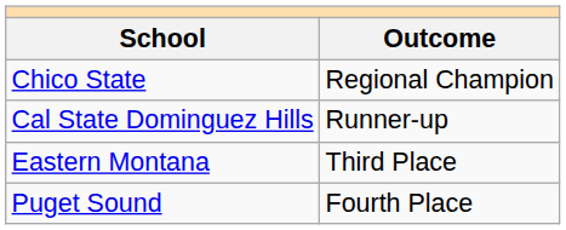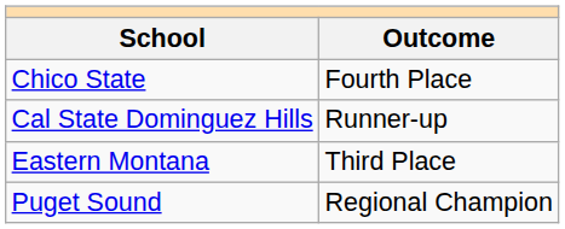 <table class="wikitable" style="float:left; margin-right:1em;">
 <tr>
 <th colspan="3" style="background:#ffdead;"></th>
 </tr>
 <tr>
 <th>School</th>
 <th>Outcome</th>
 </tr>
 <tr>
 <td><a href='#'>Chico State</a></td>
-<td>Regional Champion</td>
+<td>Fourth Place</td>
 </tr>
 <tr>
 <td><a href='#'>Cal State Dominguez Hills</a></td>
 <td>Runner-up</td>
 </tr>
 <tr>
 <td><a href='#'>Eastern Montana</a></td>
 <td>Third Place</td>
 </tr>
 <tr>
 <td><a href='#'>Puget Sound</a></td>
-<td>Fourth Place</td>
+<td>Regional Champion</td>
 </tr>
 </table>
